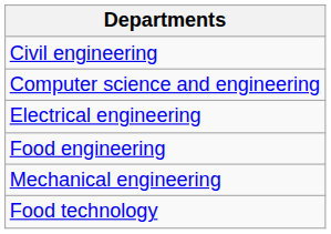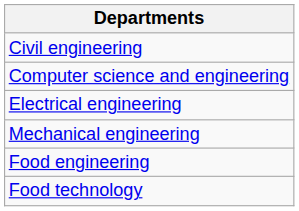 <table class="wikitable sortable">
 <tr>
 <th>Departments</th>
 </tr>
 <tr>
 <td><a href='#'>Civil engineering</a></td>
 </tr>
 <tr>
 <td><a href='#'>Computer science and engineering</a></td>
 </tr>
 <tr>
 <td><a href='#'>Electrical engineering</a></td>
 </tr>
 <tr>
-<td><a href='#'>Food engineering</a></td>
+<td><a href='#'>Mechanical engineering</a></td>
 </tr>
 <tr>
-<td><a href='#'>Mechanical engineering</a></td>
+<td><a href='#'>Food engineering</a></td>
 </tr>
 <tr>
 <td><a href='#'>Food technology</a></td>
 </tr>
 </table>
